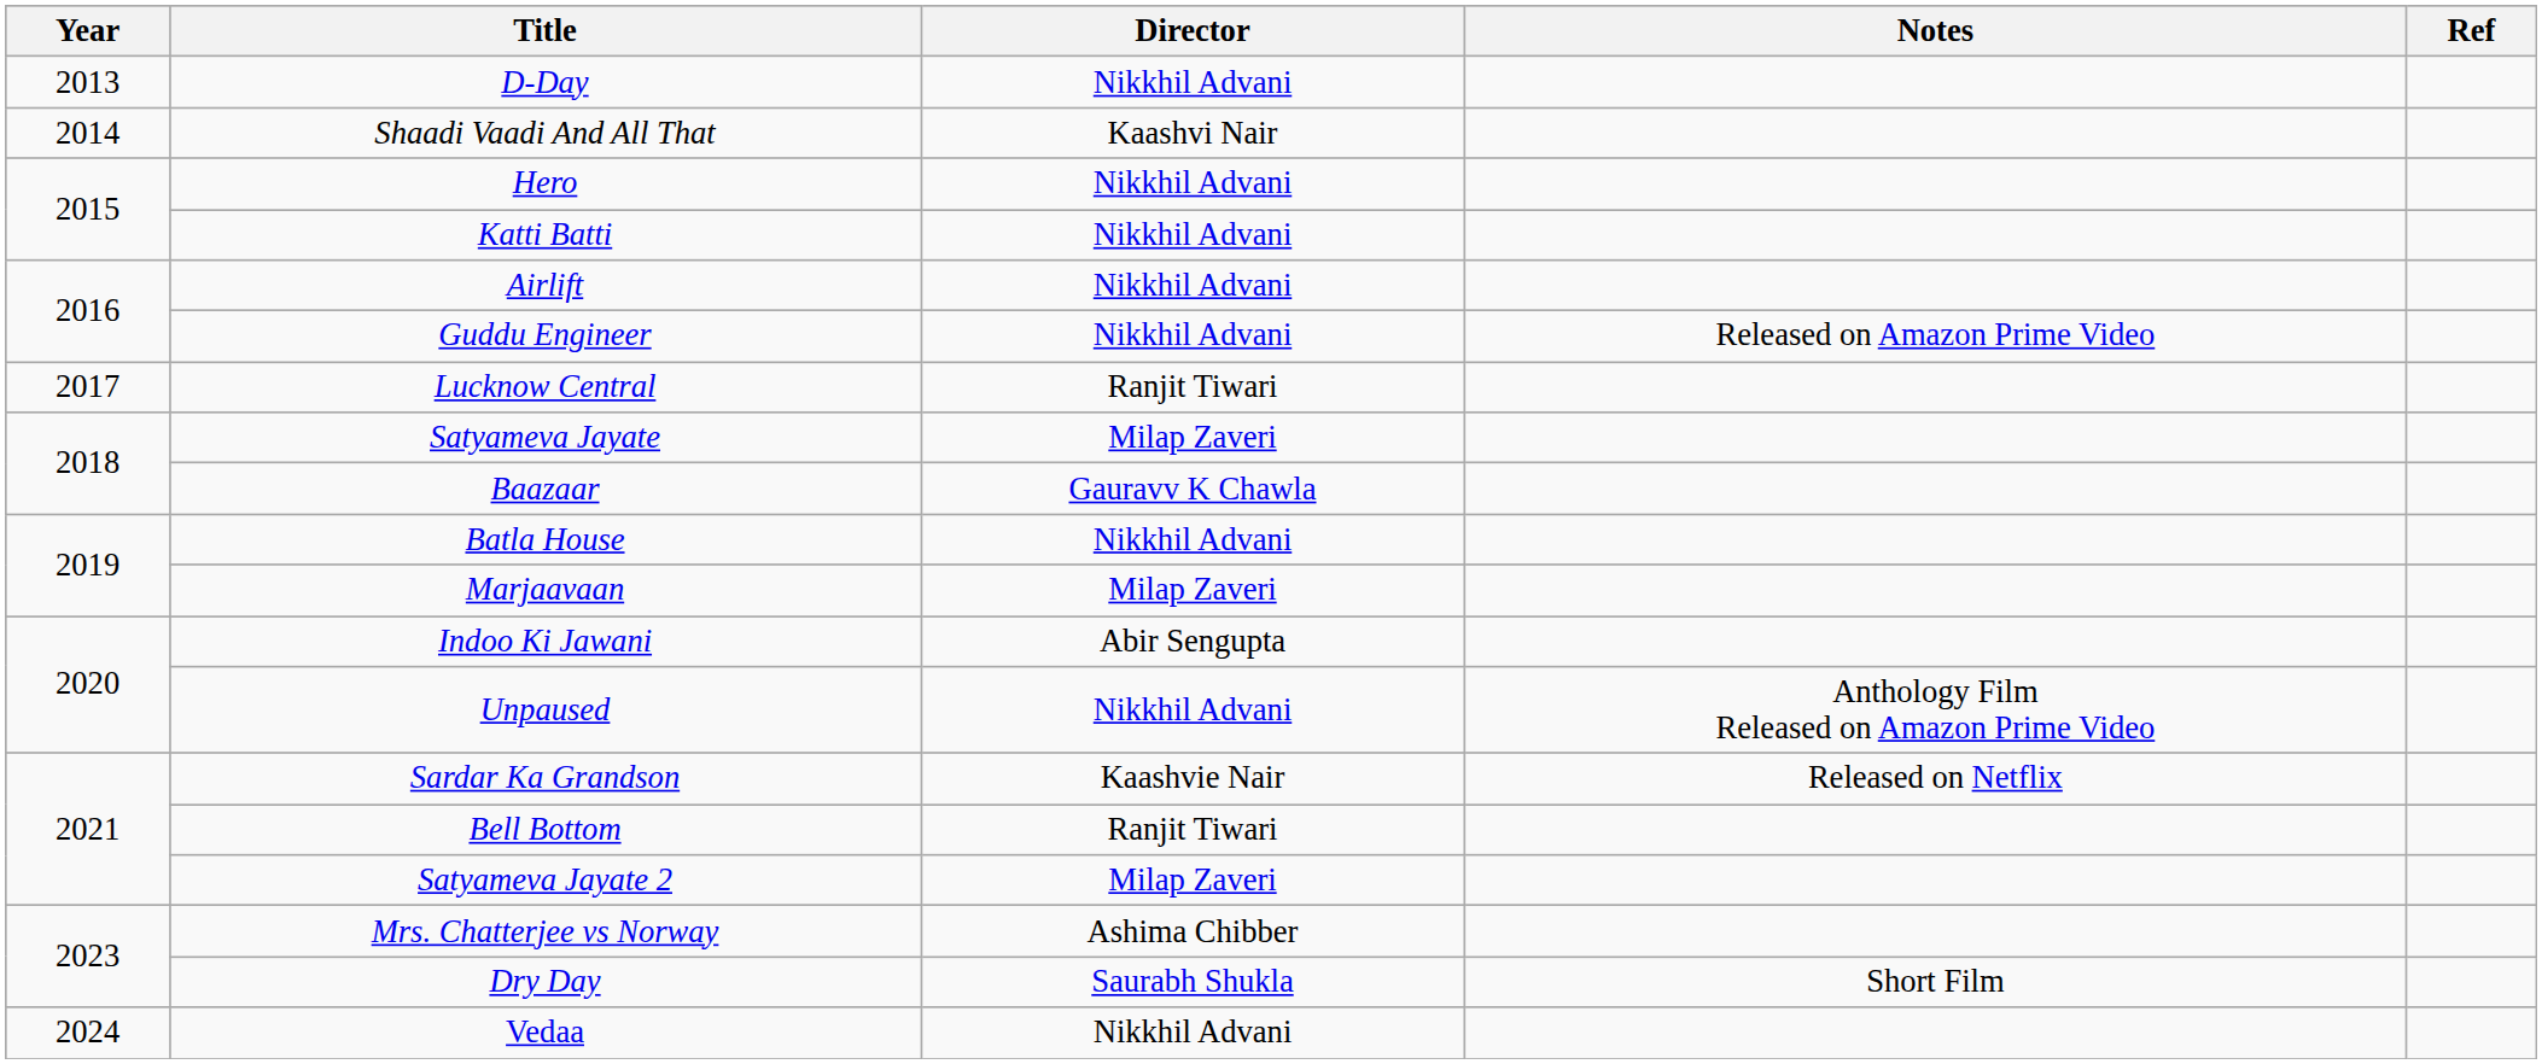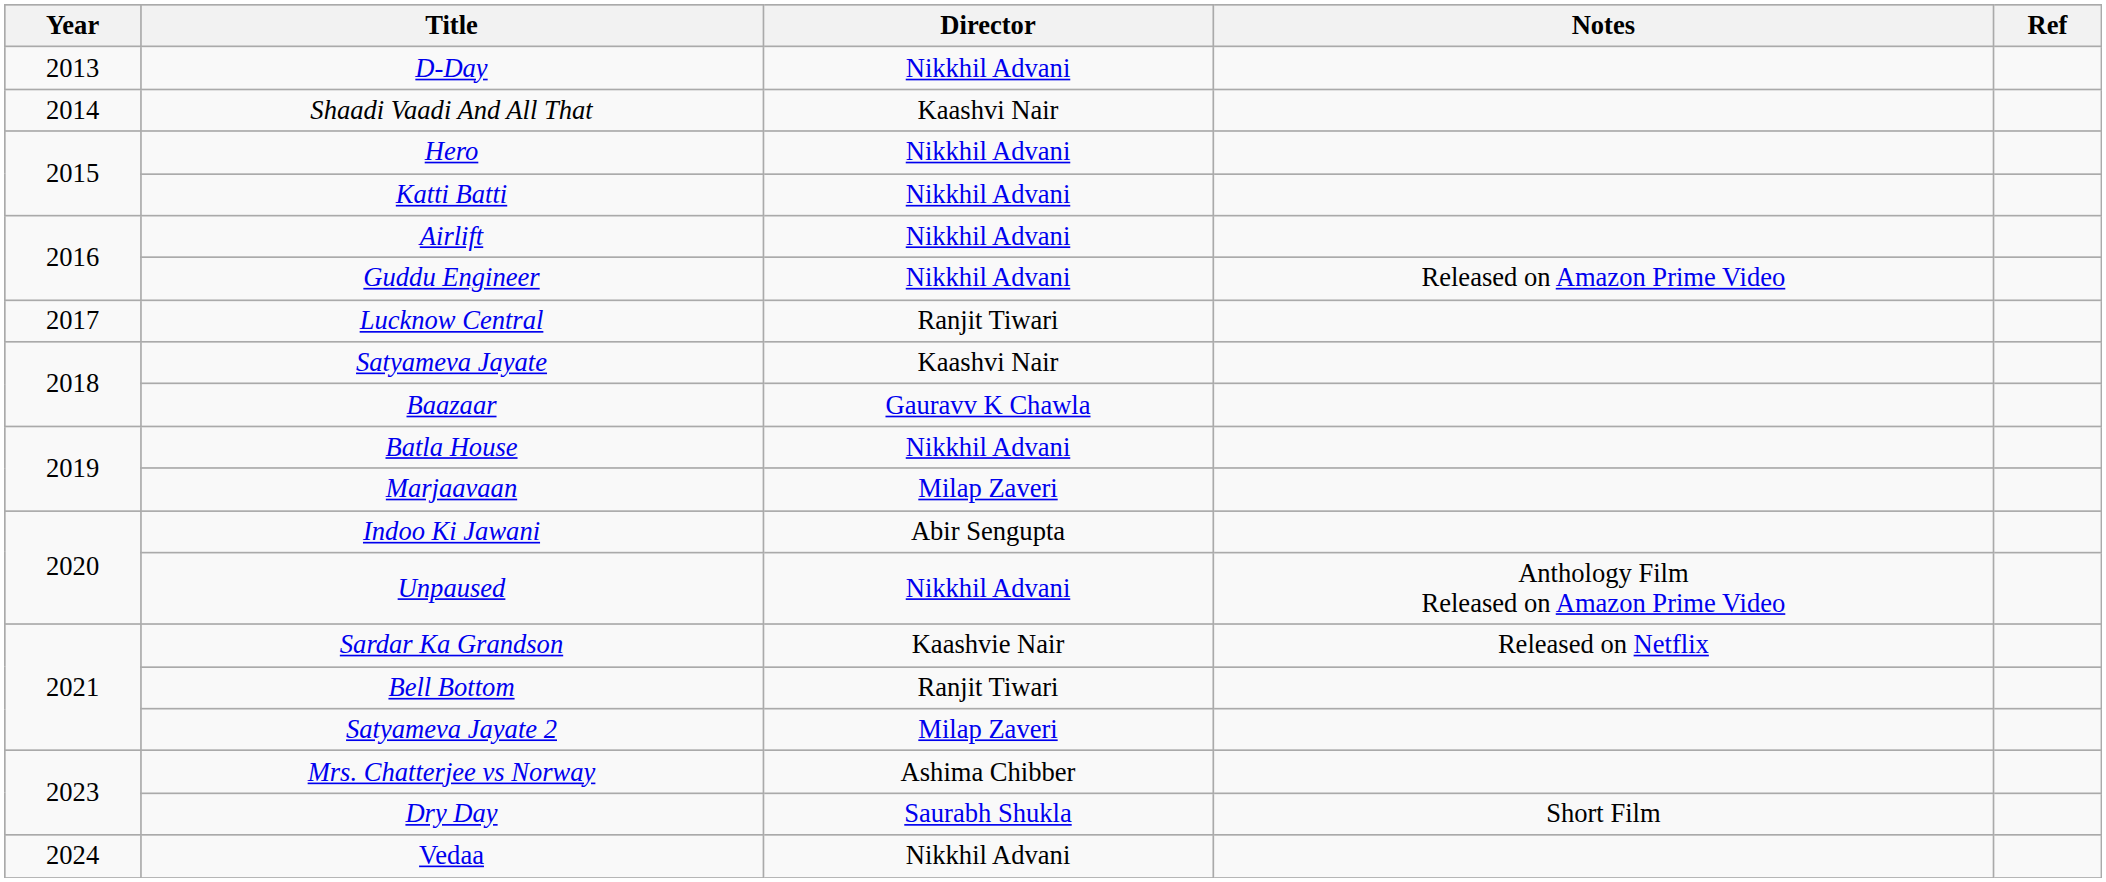 <table class="wikitable sortable" style="width: 100%; text-align: center;">
 <tr>
 <th>Year</th>
 <th>Title</th>
 <th>Director</th>
 <th>Notes</th>
 <th class="unsortable">Ref</th>
 </tr>
 <tr>
 <td>2013</td>
 <td scope="row"><em><a href='#'>D-Day</a></em></td>
 <td><a href='#'>Nikkhil Advani</a></td>
 <td></td>
 <td><strong></strong></td>
 </tr>
 <tr>
 <td>2014</td>
 <td scope="row"><em>Shaadi Vaadi And All That</em></td>
 <td>Kaashvi Nair</td>
 <td></td>
 <td><strong></strong></td>
 </tr>
 <tr>
 <td rowspan="2">2015</td>
 <td scope="row"><em><a href='#'>Hero</a></em></td>
 <td><a href='#'>Nikkhil Advani</a></td>
 <td></td>
 <td><strong></strong></td>
 </tr>
 <tr>
 <td scope="row"><em><a href='#'>Katti Batti</a></em></td>
 <td><a href='#'>Nikkhil Advani</a></td>
 <td></td>
 <td><strong></strong></td>
 </tr>
 <tr>
 <td rowspan="2">2016</td>
 <td scope="row"><em><a href='#'>Airlift</a></em></td>
 <td><a href='#'>Nikkhil Advani</a></td>
 <td></td>
 <td><strong></strong></td>
 </tr>
 <tr>
 <td scope="row"><em><a href='#'>Guddu Engineer</a></em></td>
 <td><a href='#'>Nikkhil Advani</a></td>
 <td>Released on <a href='#'>Amazon Prime Video</a></td>
 <td><strong></strong></td>
 </tr>
 <tr>
 <td>2017</td>
 <td scope="row"><em><a href='#'>Lucknow Central</a></em></td>
 <td>Ranjit Tiwari</td>
 <td></td>
 <td><strong></strong></td>
 </tr>
 <tr>
 <td rowspan="2">2018</td>
 <td scope="row"><em><a href='#'>Satyameva Jayate</a></em></td>
-<td><a href='#'>Milap Zaveri</a></td>
+<td>Kaashvi Nair</td>
 <td></td>
 <td><strong></strong></td>
 </tr>
 <tr>
 <td scope="row"><em><a href='#'>Baazaar</a></em></td>
 <td><a href='#'>Gauravv K Chawla</a></td>
 <td></td>
 <td><strong></strong></td>
 </tr>
 <tr>
 <td rowspan="2">2019</td>
 <td scope="row"><em><a href='#'>Batla House</a></em></td>
 <td><a href='#'>Nikkhil Advani</a></td>
 <td></td>
 <td><strong></strong></td>
 </tr>
 <tr>
 <td scope="row"><em><a href='#'>Marjaavaan</a></em></td>
 <td><a href='#'>Milap Zaveri</a></td>
 <td></td>
 <td><strong></strong></td>
 </tr>
 <tr>
 <td rowspan="2">2020</td>
 <td scope="row"><em><a href='#'>Indoo Ki Jawani</a></em></td>
 <td>Abir Sengupta</td>
 <td></td>
 <td><strong></strong></td>
 </tr>
 <tr>
 <td scope="row"><em><a href='#'>Unpaused</a></em></td>
 <td><a href='#'>Nikkhil Advani</a></td>
 <td>Anthology Film <br> Released on <a href='#'>Amazon Prime Video</a></td>
 <td></td>
 </tr>
 <tr>
 <td rowspan="3">2021</td>
 <td scope="row"><em><a href='#'>Sardar Ka Grandson</a></em></td>
 <td>Kaashvie Nair</td>
 <td>Released on <a href='#'>Netflix</a></td>
 <td><strong></strong></td>
 </tr>
 <tr>
 <td scope="row"><em><a href='#'>Bell Bottom</a></em></td>
 <td>Ranjit Tiwari</td>
 <td></td>
 <td><strong></strong></td>
 </tr>
 <tr>
 <td scope="row"><em><a href='#'>Satyameva Jayate 2</a></em></td>
 <td><a href='#'>Milap Zaveri</a></td>
 <td></td>
 <td><strong></strong></td>
 </tr>
 <tr>
 <td rowspan="2">2023</td>
 <td scope="row"><em><a href='#'>Mrs. Chatterjee vs Norway</a></em></td>
 <td>Ashima Chibber</td>
 <td></td>
 <td></td>
 </tr>
 <tr>
 <td scope="row"><em><a href='#'>Dry Day</a></em></td>
 <td><a href='#'>Saurabh Shukla</a></td>
 <td>Short Film</td>
 <td></td>
 </tr>
 <tr>
 <td>2024</td>
 <td><a href='#'>Vedaa</a></td>
 <td>Nikkhil Advani</td>
 <td></td>
 <td></td>
 </tr>
 </table>
